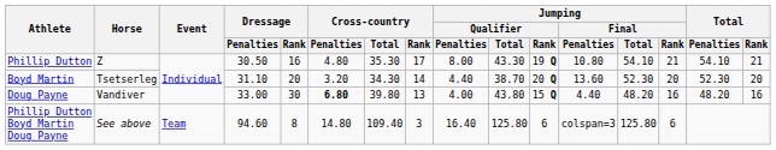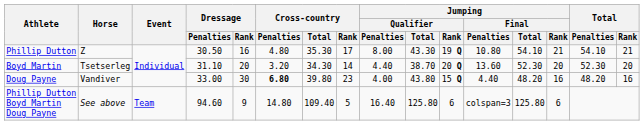 <table class=wikitable style=font-size:90%;text-align:center>
 <tr>
 <th rowspan=3>Athlete</th>
 <th rowspan=3>Horse</th>
 <th rowspan=3>Event</th>
 <th colspan=2 rowspan=2>Dressage</th>
 <th colspan=3 rowspan=2>Cross-country</th>
 <th colspan=6>Jumping</th>
 <th colspan=2 rowspan=2>Total</th>
 </tr>
 <tr style=font-size:95%>
 <th colspan=3>Qualifier</th>
 <th colspan=3>Final</th>
 </tr>
 <tr style=font-size:95%>
 <th>Penalties</th>
 <th>Rank</th>
 <th>Penalties</th>
 <th>Total</th>
 <th>Rank</th>
 <th>Penalties</th>
 <th>Total</th>
 <th>Rank</th>
 <th>Penalties</th>
 <th>Total</th>
 <th>Rank</th>
 <th>Penalties</th>
 <th>Rank</th>
 </tr>
 <tr>
 <td align=left><a href='#'>Phillip Dutton</a></td>
 <td align=left>Z</td>
 <td rowspan=3 align=left><a href='#'>Individual</a></td>
 <td>30.50</td>
 <td>16</td>
 <td>4.80</td>
 <td>35.30</td>
 <td>17</td>
 <td>8.00</td>
 <td>43.30</td>
 <td>19 <strong>Q</strong></td>
 <td>10.80</td>
 <td>54.10</td>
 <td>21</td>
 <td>54.10</td>
 <td>21</td>
 </tr>
 <tr>
 <td align=left><a href='#'>Boyd Martin</a></td>
 <td align=left>Tsetserleg</td>
 <td>31.10</td>
 <td>20</td>
 <td>3.20</td>
 <td>34.30</td>
 <td>14</td>
 <td>4.40</td>
 <td>38.70</td>
 <td>20 <strong>Q</strong></td>
 <td>13.60</td>
 <td>52.30</td>
 <td>20</td>
 <td>52.30</td>
 <td>20</td>
 </tr>
 <tr>
 <td align=left><a href='#'>Doug Payne</a></td>
 <td align=left>Vandiver</td>
 <td>33.00</td>
 <td>30</td>
 <td><strong>6.80</strong></td>
 <td>39.80</td>
-<td>13</td>
+<td>23</td>
 <td>4.00</td>
 <td>43.80</td>
 <td>15 <strong>Q</strong></td>
 <td>4.40</td>
 <td>48.20</td>
 <td>16</td>
 <td>48.20</td>
 <td>16</td>
 </tr>
 <tr>
 <td align=left><a href='#'>Phillip Dutton</a><br><a href='#'>Boyd Martin</a><br><a href='#'>Doug Payne</a></td>
 <td align=left><em>See above</em></td>
 <td align=left><a href='#'>Team</a></td>
 <td>94.60</td>
-<td>8</td>
+<td>9</td>
 <td>14.80</td>
 <td>109.40</td>
-<td>3</td>
+<td>5</td>
 <td>16.40</td>
 <td>125.80</td>
 <td>6</td>
 <td>colspan=3 </td>
 <td>125.80</td>
 <td>6</td>
 </tr>
 </table>
